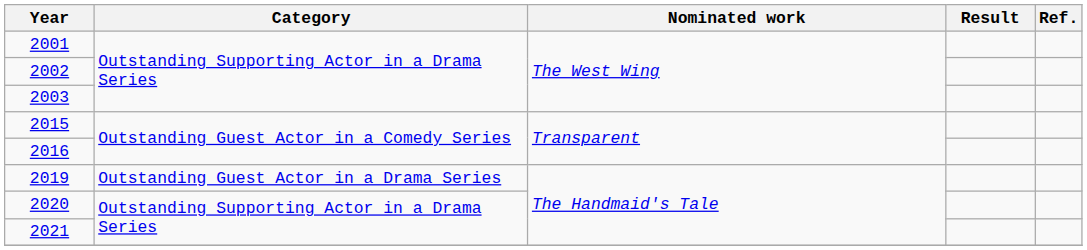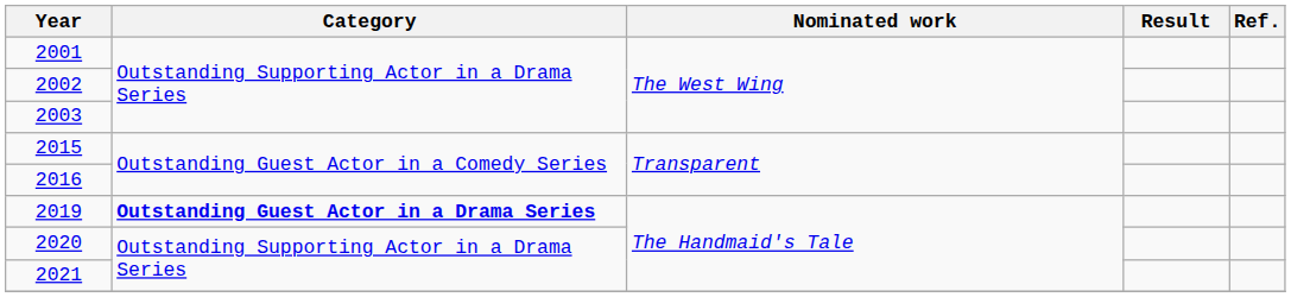 <table class=wikitable>
 <tr>
 <th scope="col" style="width:5em;">Year</th>
 <th scope="col" style="width:26em;">Category</th>
 <th scope="col" style="width:25em;">Nominated work</th>
 <th scope="col" style="width:5em;">Result</th>
 <th>Ref.</th>
 </tr>
 <tr>
 <td style="text-align:center;"><a href='#'>2001</a></td>
 <td rowspan=3><a href='#'>Outstanding Supporting Actor in a Drama Series</a></td>
 <td rowspan=3><em><a href='#'>The West Wing</a></em></td>
 <td></td>
 <td></td>
 </tr>
 <tr>
 <td style="text-align:center;"><a href='#'>2002</a></td>
 <td></td>
 <td></td>
 </tr>
 <tr>
 <td style="text-align:center;"><a href='#'>2003</a></td>
 <td></td>
 <td></td>
 </tr>
 <tr>
 <td style="text-align:center;"><a href='#'>2015</a></td>
 <td rowspan=2><a href='#'>Outstanding Guest Actor in a Comedy Series</a></td>
 <td rowspan=2><em><a href='#'>Transparent</a></em></td>
 <td></td>
 <td></td>
 </tr>
 <tr>
 <td style="text-align:center;"><a href='#'>2016</a></td>
 <td></td>
 <td></td>
 </tr>
 <tr>
 <td style="text-align:center;"><a href='#'>2019</a></td>
-<td><a href='#'>Outstanding Guest Actor in a Drama Series</a></td>
+<td><strong><a href='#'>Outstanding Guest Actor in a Drama Series</a></strong></td>
 <td rowspan=3><em><a href='#'>The Handmaid's Tale</a></em></td>
 <td></td>
 <td></td>
 </tr>
 <tr>
 <td style="text-align:center;"><a href='#'>2020</a></td>
 <td rowspan=2><a href='#'>Outstanding Supporting Actor in a Drama Series</a></td>
 <td></td>
 <td></td>
 </tr>
 <tr>
 <td style="text-align:center;"><a href='#'>2021</a></td>
 <td></td>
 <td></td>
 </tr>
 <tr>
 </tr>
 </table>
